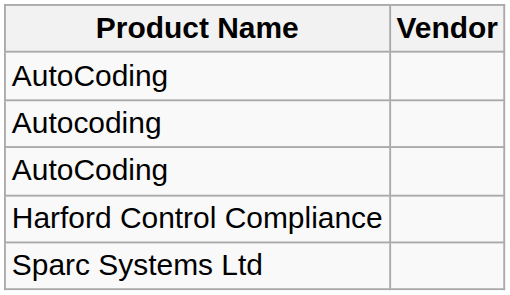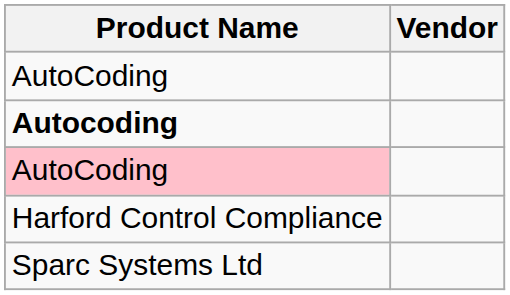 <table class="wikitable">
 <tr>
 <th>Product Name</th>
 <th>Vendor</th>
 </tr>
 <tr>
 <td>AutoCoding</td>
 <td></td>
 </tr>
 <tr>
-<td>Autocoding</td>
+<td><strong>Autocoding</strong></td>
 <td></td>
 </tr>
 <tr>
-<td>AutoCoding</td>
+<td style="background: pink;">AutoCoding</td>
 <td></td>
 </tr>
 <tr>
 <td>Harford Control Compliance</td>
 <td></td>
 </tr>
 <tr>
 <td>Sparc Systems Ltd</td>
 <td></td>
 </tr>
 </table>
